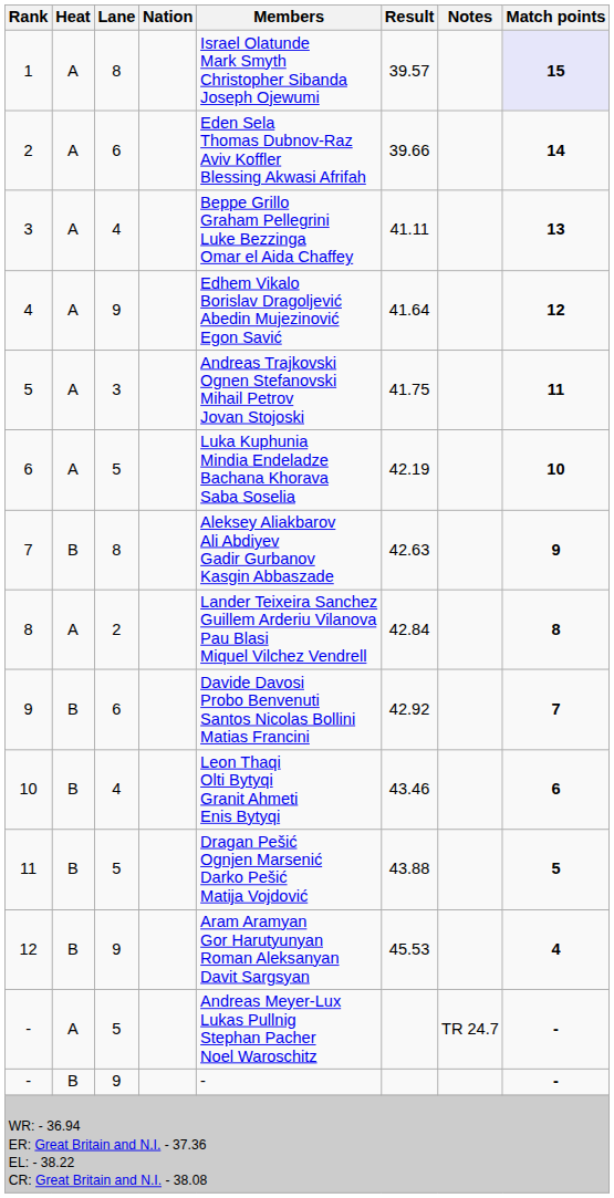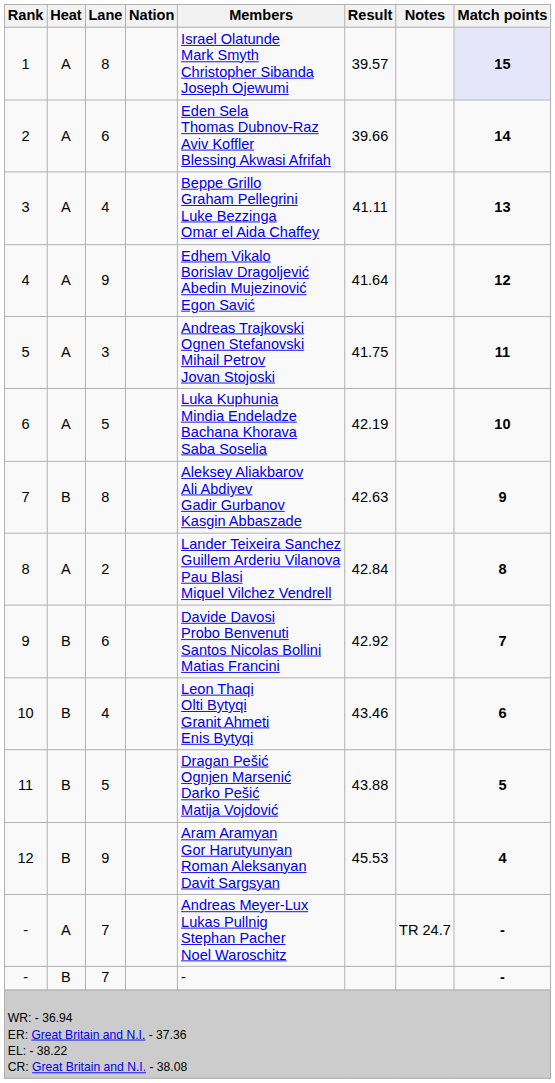 <table class="wikitable sortable" style="text-align:left;">
 <tr>
 <th>Rank</th>
 <th>Heat</th>
 <th>Lane</th>
 <th>Nation</th>
 <th>Members</th>
 <th>Result</th>
 <th>Notes</th>
 <th>Match points</th>
 </tr>
 <tr>
 <td align=center>1</td>
 <td align=center>A</td>
 <td align=center>8</td>
 <td></td>
 <td><a href='#'>Israel Olatunde</a><br><a href='#'>Mark Smyth</a><br><a href='#'>Christopher Sibanda</a><br><a href='#'>Joseph Ojewumi</a></td>
 <td align=center>39.57</td>
 <td align=center></td>
 <td align=center style="background: lavender;"><strong>15</strong></td>
 </tr>
 <tr>
 <td align=center>2</td>
 <td align=center>A</td>
 <td align=center>6</td>
 <td></td>
 <td><a href='#'>Eden Sela</a><br><a href='#'>Thomas Dubnov-Raz</a><br><a href='#'>Aviv Koffler</a><br><a href='#'>Blessing Akwasi Afrifah</a></td>
 <td align=center>39.66</td>
 <td align=center></td>
 <td align=center><strong>14</strong></td>
 </tr>
 <tr>
 <td align=center>3</td>
 <td align=center>A</td>
 <td align=center>4</td>
 <td></td>
 <td><a href='#'>Beppe Grillo</a><br><a href='#'>Graham Pellegrini</a><br><a href='#'>Luke Bezzinga</a><br><a href='#'>Omar el Aida Chaffey</a></td>
 <td align=center>41.11</td>
 <td align=center></td>
 <td align=center><strong>13</strong></td>
 </tr>
 <tr>
 <td align=center>4</td>
 <td align=center>A</td>
 <td align=center>9</td>
 <td></td>
 <td><a href='#'>Edhem Vikalo</a><br><a href='#'>Borislav Dragoljević</a><br><a href='#'>Abedin Mujezinović</a><br><a href='#'>Egon Savić</a></td>
 <td align=center>41.64</td>
 <td align=center></td>
 <td align=center><strong>12</strong></td>
 </tr>
 <tr>
 <td align=center>5</td>
 <td align=center>A</td>
 <td align=center>3</td>
 <td></td>
 <td><a href='#'>Andreas Trajkovski</a><br><a href='#'>Ognen Stefanovski</a><br><a href='#'>Mihail Petrov</a><br><a href='#'>Jovan Stojoski</a></td>
 <td align=center>41.75</td>
 <td align=center></td>
 <td align=center><strong>11</strong></td>
 </tr>
 <tr>
 <td align=center>6</td>
 <td align=center>A</td>
 <td align=center>5</td>
 <td></td>
 <td><a href='#'>Luka Kuphunia</a><br><a href='#'>Mindia Endeladze</a><br><a href='#'>Bachana Khorava</a><br><a href='#'>Saba Soselia</a></td>
 <td align=center>42.19</td>
 <td align=center></td>
 <td align=center><strong>10</strong></td>
 </tr>
 <tr>
 <td align=center>7</td>
 <td align=center>B</td>
 <td align=center>8</td>
 <td></td>
 <td><a href='#'>Aleksey Aliakbarov</a><br><a href='#'>Ali Abdiyev</a><br><a href='#'>Gadir Gurbanov</a><br><a href='#'>Kasgin Abbaszade</a></td>
 <td align=center>42.63</td>
 <td align=center></td>
 <td align=center><strong>9</strong></td>
 </tr>
 <tr>
 <td align=center>8</td>
 <td align=center>A</td>
 <td align=center>2</td>
 <td></td>
 <td><a href='#'>Lander Teixeira Sanchez</a><br><a href='#'>Guillem Arderiu Vilanova</a><br><a href='#'>Pau Blasi</a><br><a href='#'>Miquel Vilchez Vendrell</a></td>
 <td align=center>42.84</td>
 <td align=center></td>
 <td align=center><strong>8</strong></td>
 </tr>
 <tr>
 <td align=center>9</td>
 <td align=center>B</td>
 <td align=center>6</td>
 <td></td>
 <td><a href='#'>Davide Davosi</a><br><a href='#'>Probo Benvenuti</a><br><a href='#'>Santos Nicolas Bollini</a><br><a href='#'>Matias Francini</a></td>
 <td align=center>42.92</td>
 <td align=center></td>
 <td align=center><strong>7</strong></td>
 </tr>
 <tr>
 <td align=center>10</td>
 <td align=center>B</td>
 <td align=center>4</td>
 <td></td>
 <td><a href='#'>Leon Thaqi</a><br><a href='#'>Olti Bytyqi</a><br><a href='#'>Granit Ahmeti</a><br><a href='#'>Enis Bytyqi</a></td>
 <td align=center>43.46</td>
 <td align=center></td>
 <td align=center><strong>6</strong></td>
 </tr>
 <tr>
 <td align=center>11</td>
 <td align=center>B</td>
 <td align=center>5</td>
 <td></td>
 <td><a href='#'>Dragan Pešić</a><br><a href='#'>Ognjen Marsenić</a><br><a href='#'>Darko Pešić</a><br><a href='#'>Matija Vojdović</a></td>
 <td align=center>43.88</td>
 <td align=center></td>
 <td align=center><strong>5</strong></td>
 </tr>
 <tr>
 <td align=center>12</td>
 <td align=center>B</td>
 <td align=center>9</td>
 <td></td>
 <td><a href='#'>Aram Aramyan</a><br><a href='#'>Gor Harutyunyan</a><br><a href='#'>Roman Aleksanyan</a><br><a href='#'>Davit Sargsyan</a></td>
 <td align=center>45.53</td>
 <td align=center></td>
 <td align=center><strong>4</strong></td>
 </tr>
 <tr>
 <td align=center>-</td>
 <td align=center>A</td>
-<td align=center>5</td>
+<td align=center>7</td>
 <td></td>
 <td><a href='#'>Andreas Meyer-Lux</a><br><a href='#'>Lukas Pullnig</a><br><a href='#'>Stephan Pacher</a><br><a href='#'>Noel Waroschitz</a></td>
 <td align=center></td>
 <td align=center>TR 24.7</td>
 <td align=center><strong>-</strong></td>
 </tr>
 <tr>
 <td align=center>-</td>
 <td align=center>B</td>
-<td align=center>9</td>
+<td align=center>7</td>
 <td></td>
 <td>-</td>
 <td align=center></td>
 <td></td>
 <td align=center><strong>-</strong></td>
 </tr>
 <tr>
 <td colspan="8" bgcolor="#cccccc"><br> <small>WR:   - 36.94<br>ER: <a href='#'>Great Britain and N.I.</a> - 37.36<br></small> <small>EL:   - 38.22<br>CR:  <a href='#'>Great Britain and N.I.</a> - 38.08</small></td>
 </tr>
 </table>
